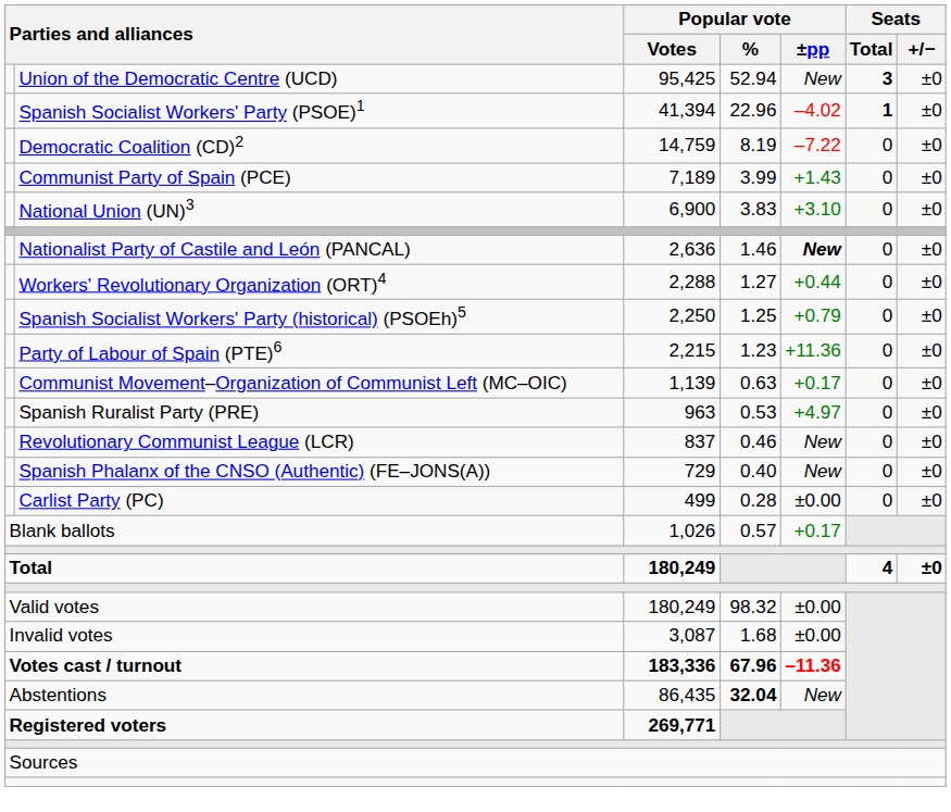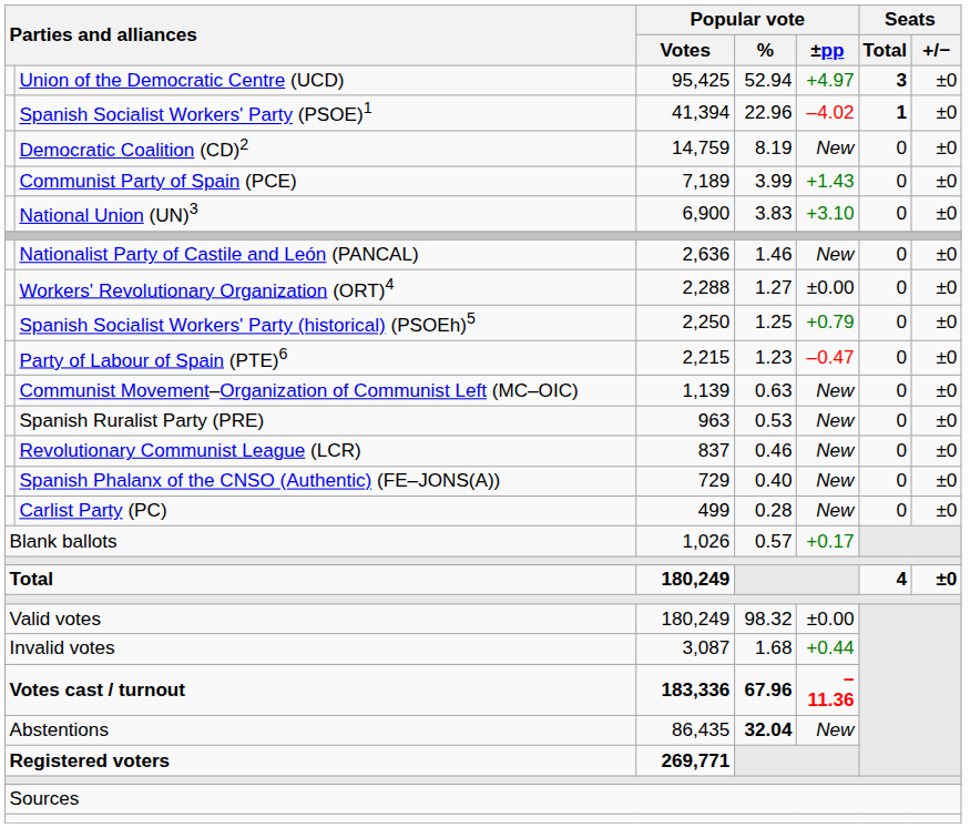 <table class="wikitable" style="text-align:right;">
 <tr>
 <th style="text-align:left;" rowspan="2" colspan="2" width="525">Parties and alliances</th>
 <th colspan="3">Popular vote</th>
 <th colspan="2">Seats</th>
 </tr>
 <tr>
 <th width="75">Votes</th>
 <th width="45">%</th>
 <th width="45">±<a href='#'>pp</a></th>
 <th width="35">Total</th>
 <th width="35">+/−</th>
 </tr>
 <tr>
 <td width="1" style="color:inherit;background:"></td>
 <td align="left"><a href='#'>Union of the Democratic Centre</a> (UCD)</td>
 <td>95,425</td>
 <td>52.94</td>
-<td><em>New</em></td>
+<td style="color:green;">+4.97</td>
 <td><strong>3</strong></td>
 <td>±0</td>
 </tr>
 <tr>
 <td style="color:inherit;background:"></td>
 <td align="left"><a href='#'>Spanish Socialist Workers' Party</a> (PSOE)<sup>1</sup></td>
 <td>41,394</td>
 <td>22.96</td>
 <td style="color:red;">–4.02</td>
 <td><strong>1</strong></td>
 <td>±0</td>
 </tr>
 <tr>
 <td style="color:inherit;background:"></td>
 <td align="left"><a href='#'>Democratic Coalition</a> (CD)<sup>2</sup></td>
 <td>14,759</td>
 <td>8.19</td>
-<td style="color:red;">–7.22</td>
+<td><em>New</em></td>
 <td>0</td>
 <td>±0</td>
 </tr>
 <tr>
 <td style="color:inherit;background:"></td>
 <td align="left"><a href='#'>Communist Party of Spain</a> (PCE)</td>
 <td>7,189</td>
 <td>3.99</td>
 <td style="color:green;">+1.43</td>
 <td>0</td>
 <td>±0</td>
 </tr>
 <tr>
 <td style="color:inherit;background:"></td>
 <td align="left"><a href='#'>National Union</a> (UN)<sup>3</sup></td>
 <td>6,900</td>
 <td>3.83</td>
 <td style="color:green;">+3.10</td>
 <td>0</td>
 <td>±0</td>
 </tr>
 <tr>
 <td colspan="7" bgcolor="#C0C0C0"></td>
 </tr>
 <tr>
 <td style="color:inherit;background:"></td>
 <td align="left"><a href='#'>Nationalist Party of Castile and León</a> (PANCAL)</td>
 <td>2,636</td>
 <td>1.46</td>
-<td><strong><em>New</em></strong></td>
+<td><em>New</em></td>
 <td>0</td>
 <td>±0</td>
 </tr>
 <tr>
 <td style="color:inherit;background:"></td>
 <td align="left"><a href='#'>Workers' Revolutionary Organization</a> (ORT)<sup>4</sup></td>
 <td>2,288</td>
 <td>1.27</td>
-<td style="color:green;">+0.44</td>
+<td>±0.00</td>
 <td>0</td>
 <td>±0</td>
 </tr>
 <tr>
 <td style="color:inherit;background:"></td>
 <td align="left"><a href='#'>Spanish Socialist Workers' Party (historical)</a> (PSOEh)<sup>5</sup></td>
 <td>2,250</td>
 <td>1.25</td>
 <td style="color:green;">+0.79</td>
 <td>0</td>
 <td>±0</td>
 </tr>
 <tr>
 <td style="color:inherit;background:"></td>
 <td align="left"><a href='#'>Party of Labour of Spain</a> (PTE)<sup>6</sup></td>
 <td>2,215</td>
 <td>1.23</td>
-<td style="color:green;">+11.36</td>
+<td style="color:red;">–0.47</td>
 <td>0</td>
 <td>±0</td>
 </tr>
 <tr>
 <td style="color:inherit;background:"></td>
 <td align="left"><a href='#'>Communist Movement</a>–<a href='#'>Organization of Communist Left</a> (MC–OIC)</td>
 <td>1,139</td>
 <td>0.63</td>
-<td style="color:green;">+0.17</td>
+<td><em>New</em></td>
 <td>0</td>
 <td>±0</td>
 </tr>
 <tr>
 <td style="color:inherit;background:"></td>
 <td align="left">Spanish Ruralist Party (PRE)</td>
 <td>963</td>
 <td>0.53</td>
-<td style="color:green;">+4.97</td>
+<td><em>New</em></td>
 <td>0</td>
 <td>±0</td>
 </tr>
 <tr>
 <td style="color:inherit;background:"></td>
 <td align="left"><a href='#'>Revolutionary Communist League</a> (LCR)</td>
 <td>837</td>
 <td>0.46</td>
 <td><em>New</em></td>
 <td>0</td>
 <td>±0</td>
 </tr>
 <tr>
 <td style="color:inherit;background:"></td>
 <td align="left"><a href='#'>Spanish Phalanx of the CNSO (Authentic)</a> (FE–JONS(A))</td>
 <td>729</td>
 <td>0.40</td>
 <td><em>New</em></td>
 <td>0</td>
 <td>±0</td>
 </tr>
 <tr>
 <td style="color:inherit;background:"></td>
 <td align="left"><a href='#'>Carlist Party</a> (PC)</td>
 <td>499</td>
 <td>0.28</td>
-<td>±0.00</td>
+<td><em>New</em></td>
 <td>0</td>
 <td>±0</td>
 </tr>
 <tr>
 <td align="left" colspan="2">Blank ballots</td>
 <td>1,026</td>
 <td>0.57</td>
 <td style="color:green;">+0.17</td>
 <td bgcolor="#E9E9E9" colspan="2"></td>
 </tr>
 <tr>
 <td colspan="7" bgcolor="#E9E9E9"></td>
 </tr>
 <tr style="font-weight:bold;">
 <td align="left" colspan="2">Total</td>
 <td>180,249</td>
 <td bgcolor="#E9E9E9" colspan="2"></td>
 <td>4</td>
 <td>±0</td>
 </tr>
 <tr>
 <td colspan="7" bgcolor="#E9E9E9"></td>
 </tr>
 <tr>
 <td align="left" colspan="2">Valid votes</td>
 <td>180,249</td>
 <td>98.32</td>
 <td>±0.00</td>
 <td bgcolor="#E9E9E9" colspan="2" rowspan="5"></td>
 </tr>
 <tr>
 <td align="left" colspan="2">Invalid votes</td>
 <td>3,087</td>
 <td>1.68</td>
-<td>±0.00</td>
+<td style="color:green;">+0.44</td>
 </tr>
 <tr style="font-weight:bold;">
 <td align="left" colspan="2">Votes cast / turnout</td>
 <td>183,336</td>
 <td>67.96</td>
 <td style="color:red;">–11.36</td>
 </tr>
 <tr>
 <td align="left" colspan="2">Abstentions</td>
 <td>86,435</td>
 <td><strong>32.04</strong></td>
 <td><em>New</em></td>
 </tr>
 <tr style="font-weight:bold;">
 <td align="left" colspan="2">Registered voters</td>
 <td>269,771</td>
 <td bgcolor="#E9E9E9" colspan="2"></td>
 </tr>
 <tr>
 <td colspan="7" bgcolor="#E9E9E9"></td>
 </tr>
 <tr>
 <td align="left" colspan="7">Sources</td>
 </tr>
 <tr>
 <td colspan="7" style="text-align:left; max-width:790px;"></td>
 </tr>
 </table>
